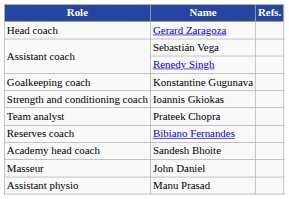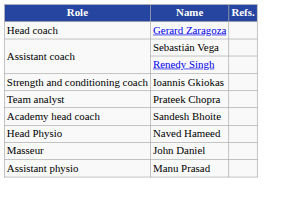 <table class="wikitable">
 <tr>
 <th scope="col" style="background:#2545A0; color:#FFFFFF; ">Role</th>
 <th scope="col" style="background:#2545A0; color:#FFFFFF; ">Name</th>
 <th scope="col" style="background:#2545A0; color:#FFFFFF; ">Refs.</th>
 </tr>
 <tr>
 <td>Head coach</td>
 <td> <a href='#'>Gerard Zaragoza</a></td>
 <td></td>
 </tr>
 <tr>
 <td rowspan="2">Assistant coach</td>
 <td> Sebastián Vega</td>
 <td></td>
 </tr>
 <tr>
 <td> <a href='#'>Renedy Singh</a></td>
 <td></td>
 </tr>
 <tr>
-<td>Goalkeeping coach</td>
-<td> Konstantine Gugunava</td>
-<td></td>
-</tr>
-<tr>
 <td>Strength and conditioning coach</td>
 <td> Ioannis Gkiokas</td>
 <td></td>
 </tr>
 <tr>
 <td>Team analyst</td>
 <td> Prateek Chopra</td>
 <td></td>
 </tr>
 <tr>
-<td>Reserves coach</td>
-<td> <a href='#'>Bibiano Fernandes</a></td>
+<td>Academy head coach</td>
+<td> Sandesh Bhoite</td>
 <td></td>
 </tr>
 <tr>
-<td>Academy head coach</td>
-<td> Sandesh Bhoite</td>
+<td>Head Physio</td>
+<td> Naved Hameed</td>
 <td></td>
 </tr>
 <tr>
 <td>Masseur</td>
 <td> John Daniel</td>
 <td></td>
 </tr>
 <tr>
 <td>Assistant physio</td>
 <td> Manu Prasad</td>
 <td></td>
 </tr>
 </table>
